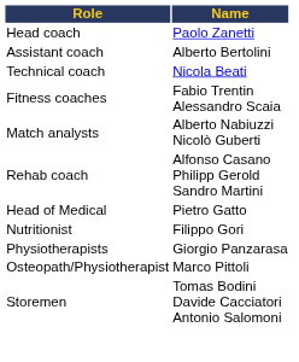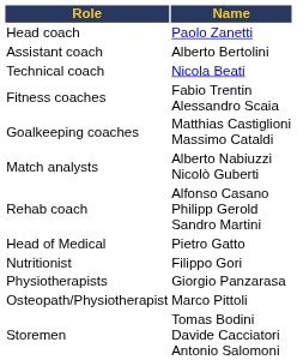 <table class="toccolours">
 <tr>
 <th style="background:#293860;color:#F4CA16;">Role</th>
 <th style="background:#293860;color:#F4CA16;">Name</th>
 </tr>
 <tr>
 <td>Head coach</td>
 <td> <a href='#'>Paolo Zanetti</a></td>
 </tr>
 <tr>
 <td>Assistant coach</td>
 <td> Alberto Bertolini</td>
 </tr>
 <tr>
 <td>Technical coach</td>
 <td> <a href='#'>Nicola Beati</a></td>
 </tr>
 <tr>
 <td>Fitness coaches</td>
 <td> Fabio Trentin <br>  Alessandro Scaia</td>
+</tr>
+<tr>
+<td>Goalkeeping coaches</td>
+<td> Matthias Castiglioni <br>  Massimo Cataldi</td>
 </tr>
 <tr>
 <td>Match analysts</td>
 <td> Alberto Nabiuzzi <br>  Nicolò Guberti</td>
 </tr>
 <tr>
 <td>Rehab coach</td>
 <td> Alfonso Casano <br>  Philipp Gerold <br>  Sandro Martini</td>
 </tr>
 <tr>
 <td>Head of Medical</td>
 <td> Pietro Gatto</td>
 </tr>
 <tr>
 <td>Nutritionist</td>
 <td> Filippo Gori</td>
 </tr>
 <tr>
 <td>Physiotherapists</td>
 <td> Giorgio Panzarasa</td>
 </tr>
 <tr>
 <td>Osteopath/Physiotherapist</td>
 <td> Marco Pittoli</td>
 </tr>
 <tr>
 <td>Storemen</td>
 <td> Tomas Bodini <br>  Davide Cacciatori <br>  Antonio Salomoni</td>
 </tr>
 </table>
